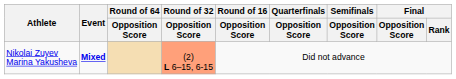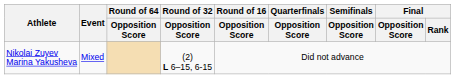 <table class=wikitable style="font-size:90%">
 <tr>
 <th rowspan="2">Athlete</th>
 <th rowspan="2">Event</th>
 <th>Round of 64</th>
 <th>Round of 32</th>
 <th>Round of 16</th>
 <th>Quarterfinals</th>
 <th>Semifinals</th>
 <th colspan="2">Final</th>
 </tr>
 <tr>
 <th>Opposition<br>Score</th>
 <th>Opposition<br>Score</th>
 <th>Opposition<br>Score</th>
 <th>Opposition<br>Score</th>
 <th>Opposition<br>Score</th>
 <th>Opposition<br>Score</th>
 <th>Rank</th>
 </tr>
 <tr>
 <td><a href='#'>Nikolai Zuyev</a><br><a href='#'>Marina Yakusheva</a></td>
-<td><strong><a href='#'>Mixed</a></strong></td>
+<td><a href='#'>Mixed</a></td>
 <td colspan = "1" bgcolor="wheat"></td>
-<td align="center" style="background: lightsalmon;"><br> (2)<br><strong>L</strong> 6–15, 6-15</td>
+<td align="center"><br> (2)<br><strong>L</strong> 6–15, 6-15</td>
 <td colspan = "5" align="center">Did not advance</td>
 </tr>
 </table>
